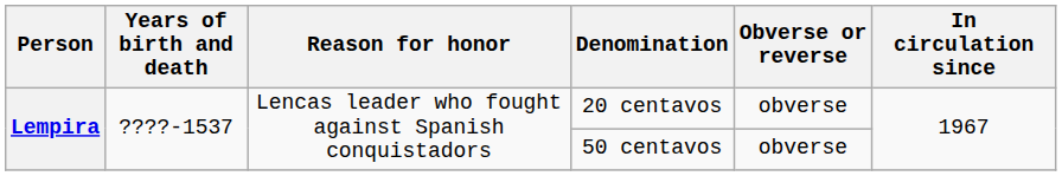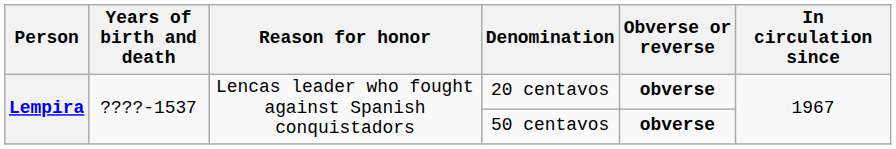 <table class="wikitable" style="font-size:95%; text-align:center;">
 <tr>
 <th>Person</th>
 <th>Years of birth and death</th>
 <th>Reason for honor</th>
 <th>Denomination</th>
 <th>Obverse or reverse</th>
 <th>In circulation since</th>
 </tr>
 <tr>
 <th rowspan="2"><a href='#'>Lempira</a></th>
 <td rowspan="2">????-1537</td>
 <td rowspan="2">Lencas leader who fought against Spanish conquistadors</td>
 <td>20 centavos</td>
-<td>obverse</td>
+<td><strong>obverse</strong></td>
 <td rowspan="2">1967</td>
 </tr>
 <tr>
 <td>50 centavos</td>
-<td>obverse</td>
+<td><strong>obverse</strong></td>
 </tr>
 </table>
